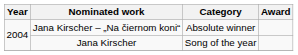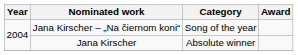 <table class="wikitable" style="text-align:center;">
 <tr>
 <th>Year</th>
 <th>Nominated work</th>
 <th>Category</th>
 <th>Award</th>
 </tr>
 <tr>
 <td rowspan="2">2004</td>
 <td>Jana Kirscher – „Na čiernom koni“</td>
-<td>Absolute winner</td>
+<td>Song of the year</td>
 <td></td>
 </tr>
 <tr>
 <td>Jana Kirscher</td>
-<td>Song of the year</td>
+<td>Absolute winner</td>
 <td></td>
 </tr>
 <tr>
 </tr>
 </table>
